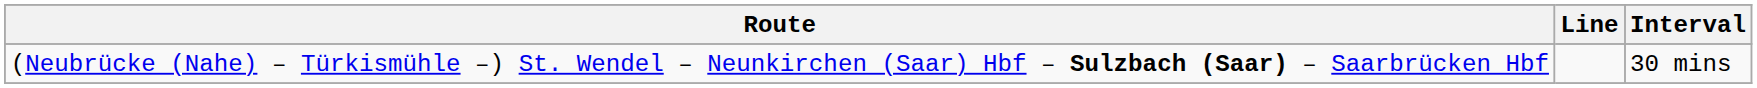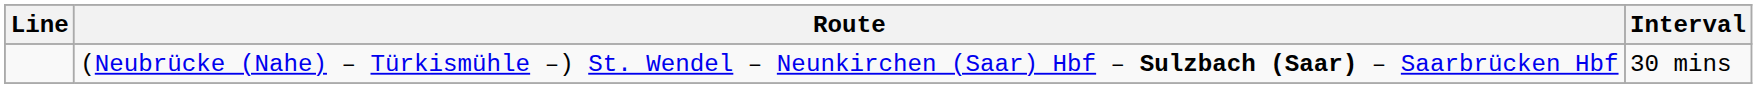 <table class="wikitable">
 <tr>
+<th>Line</th>
 <th>Route</th>
-<th>Line</th>
 <th>Interval</th>
 </tr>
 <tr>
+<td align="center"></td>
 <td>(<a href='#'>Neubrücke (Nahe)</a> – <a href='#'>Türkismühle</a> –) <a href='#'>St. Wendel</a> – <a href='#'>Neunkirchen (Saar) Hbf</a> – <strong>Sulzbach (Saar)</strong> – <a href='#'>Saarbrücken Hbf</a></td>
-<td align="center"></td>
 <td>30 mins</td>
 </tr>
 </table>
